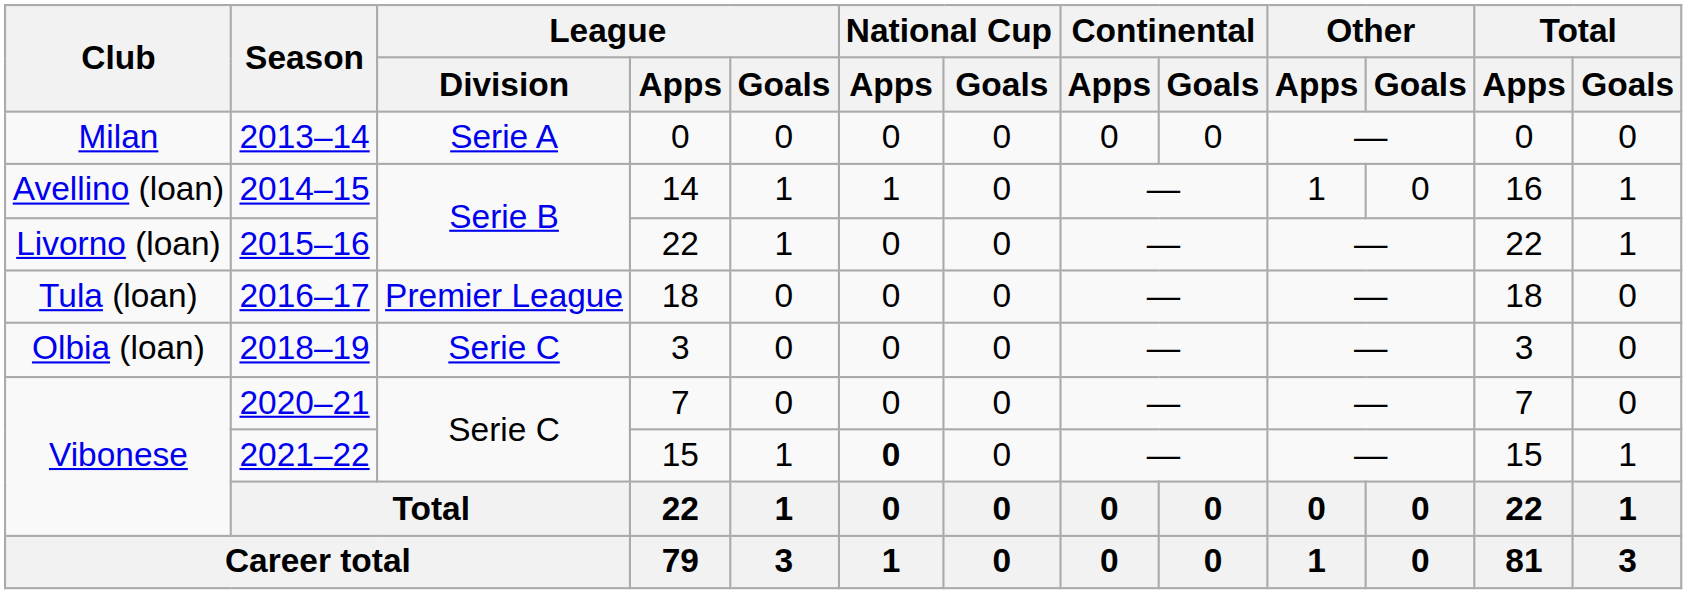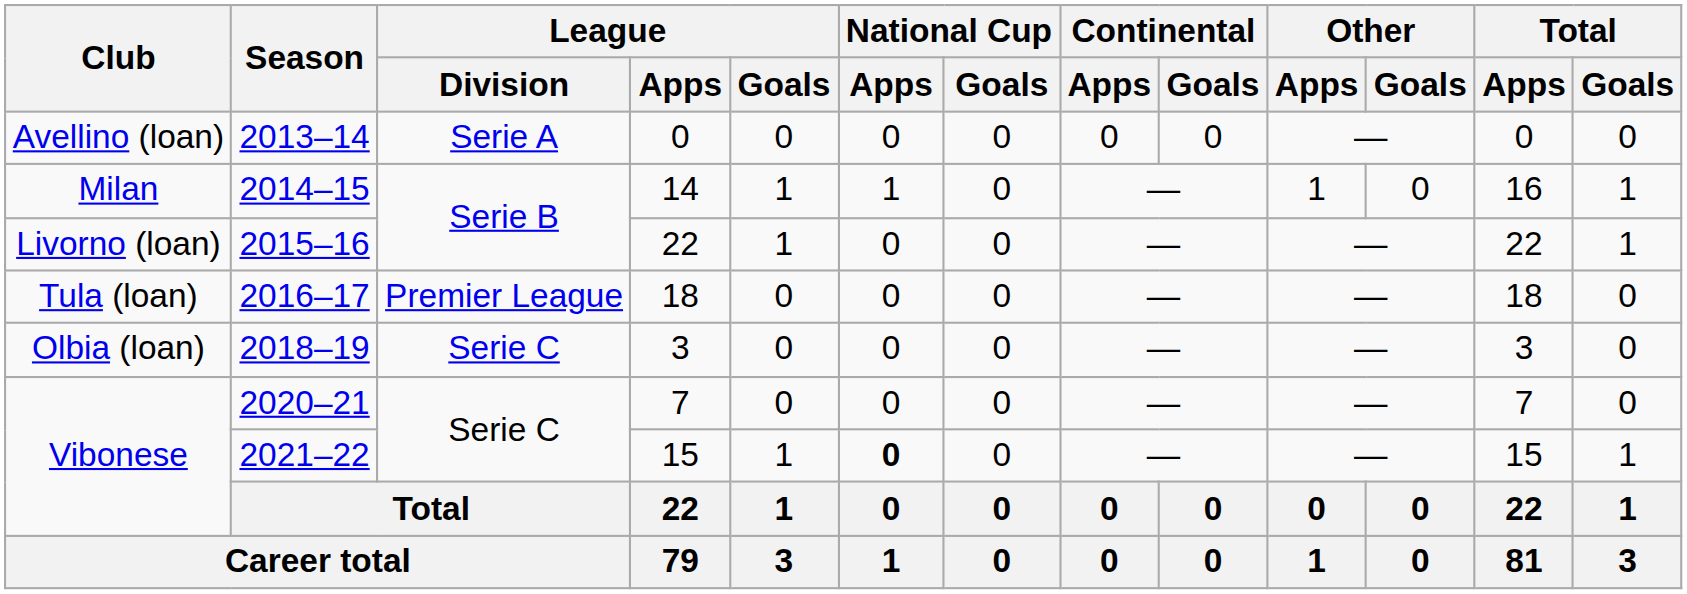 <table class="wikitable" style="text-align: center;">
 <tr>
 <th rowspan="2">Club</th>
 <th rowspan="2">Season</th>
 <th colspan="3">League</th>
 <th colspan="2">National Cup</th>
 <th colspan="2">Continental</th>
 <th colspan="2">Other</th>
 <th colspan="2">Total</th>
 </tr>
 <tr>
 <th>Division</th>
 <th>Apps</th>
 <th>Goals</th>
 <th>Apps</th>
 <th>Goals</th>
 <th>Apps</th>
 <th>Goals</th>
 <th>Apps</th>
 <th>Goals</th>
 <th>Apps</th>
 <th>Goals</th>
 </tr>
 <tr>
-<td><a href='#'>Milan</a></td>
+<td><a href='#'>Avellino</a> (loan)</td>
 <td><a href='#'>2013–14</a></td>
 <td><a href='#'>Serie A</a></td>
 <td>0</td>
 <td>0</td>
 <td>0</td>
 <td>0</td>
 <td>0</td>
 <td>0</td>
 <td colspan="2“">—</td>
 <td>0</td>
 <td>0</td>
 </tr>
 <tr>
-<td><a href='#'>Avellino</a> (loan)</td>
+<td><a href='#'>Milan</a></td>
 <td><a href='#'>2014–15</a></td>
 <td rowspan="2"><a href='#'>Serie B</a></td>
 <td>14</td>
 <td>1</td>
 <td>1</td>
 <td>0</td>
 <td colspan="2“">—</td>
 <td>1</td>
 <td>0</td>
 <td>16</td>
 <td>1</td>
 </tr>
 <tr>
 <td><a href='#'>Livorno</a> (loan)</td>
 <td><a href='#'>2015–16</a></td>
 <td>22</td>
 <td>1</td>
 <td>0</td>
 <td>0</td>
 <td colspan="2“">—</td>
 <td colspan="2“">—</td>
 <td>22</td>
 <td>1</td>
 </tr>
 <tr>
 <td><a href='#'>Tula</a> (loan)</td>
 <td><a href='#'>2016–17</a></td>
 <td><a href='#'>Premier League</a></td>
 <td>18</td>
 <td>0</td>
 <td>0</td>
 <td>0</td>
 <td colspan="2“">—</td>
 <td colspan="2“">—</td>
 <td>18</td>
 <td>0</td>
 </tr>
 <tr>
 <td><a href='#'>Olbia</a> (loan)</td>
 <td><a href='#'>2018–19</a></td>
 <td><a href='#'>Serie C</a></td>
 <td>3</td>
 <td>0</td>
 <td>0</td>
 <td>0</td>
 <td colspan="2">—</td>
 <td colspan="2">—</td>
 <td>3</td>
 <td>0</td>
 </tr>
 <tr>
 <td rowspan="3"><a href='#'>Vibonese</a></td>
 <td><a href='#'>2020–21</a></td>
 <td rowspan="2">Serie C</td>
 <td>7</td>
 <td>0</td>
 <td>0</td>
 <td>0</td>
 <td colspan="2">—</td>
 <td colspan="2">—</td>
 <td>7</td>
 <td>0</td>
 </tr>
 <tr>
 <td><a href='#'>2021–22</a></td>
 <td>15</td>
 <td>1</td>
 <td><strong>0</strong></td>
 <td>0</td>
 <td colspan="2">—</td>
 <td colspan="2">—</td>
 <td>15</td>
 <td>1</td>
 </tr>
 <tr>
 <th colspan="2">Total</th>
 <th>22</th>
 <th>1</th>
 <th>0</th>
 <th>0</th>
 <th>0</th>
 <th>0</th>
 <th>0</th>
 <th>0</th>
 <th>22</th>
 <th>1</th>
 </tr>
 <tr>
 <th colspan="3">Career total</th>
 <th>79</th>
 <th>3</th>
 <th>1</th>
 <th>0</th>
 <th>0</th>
 <th>0</th>
 <th>1</th>
 <th>0</th>
 <th>81</th>
 <th>3</th>
 </tr>
 </table>
